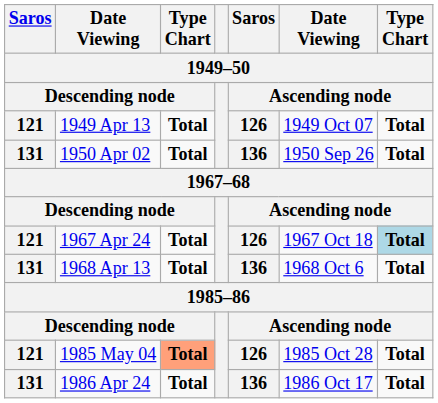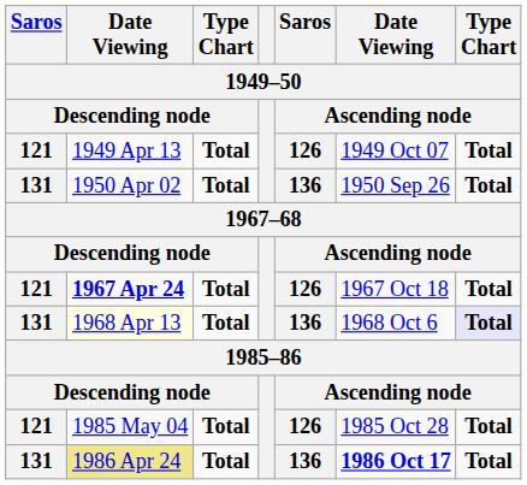 <table class=wikitable>
 <tr valign=top>
 <th><a href='#'>Saros</a></th>
 <th>Date<br>Viewing</th>
 <th>Type<br>Chart</th>
 <th></th>
 <th>Saros</th>
 <th>Date<br>Viewing</th>
 <th>Type<br>Chart</th>
 </tr>
 <tr>
 <th colspan=7>1949–50</th>
 </tr>
 <tr>
 <th colspan=3>Descending node</th>
 <th rowspan=3> </th>
 <th colspan=3>Ascending node</th>
 </tr>
 <tr>
 <th>121</th>
 <td><a href='#'>1949 Apr 13</a><br></td>
 <td align=center valign=top><strong>Total</strong><br></td>
 <th>126</th>
 <td><a href='#'>1949 Oct 07</a><br></td>
 <td align=center valign=top><strong>Total</strong><br></td>
 </tr>
 <tr>
 <th>131</th>
 <td><a href='#'>1950 Apr 02</a><br></td>
 <td align=center valign=top><strong>Total</strong><br></td>
 <th>136</th>
 <td><a href='#'>1950 Sep 26</a><br></td>
 <td align=center valign=top><strong>Total</strong><br></td>
 </tr>
 <tr>
 <th colspan=7>1967–68</th>
 </tr>
 <tr>
 <th colspan=3>Descending node</th>
 <th rowspan=3> </th>
 <th colspan=3>Ascending node</th>
 </tr>
 <tr>
 <th>121</th>
-<td><a href='#'>1967 Apr 24</a><br></td>
+<td><strong><a href='#'>1967 Apr 24</a><br></strong></td>
 <td align=center valign=top><strong>Total</strong><br></td>
 <th>126</th>
 <td><a href='#'>1967 Oct 18</a><br></td>
-<td align=center valign=top style="background: lightblue;"><strong>Total</strong><br></td>
+<td align=center valign=top><strong>Total</strong><br></td>
 </tr>
 <tr>
 <th>131</th>
-<td><a href='#'>1968 Apr 13</a><br></td>
+<td style="background: lightyellow;"><a href='#'>1968 Apr 13</a><br></td>
 <td align=center valign=top><strong>Total</strong><br></td>
 <th>136</th>
 <td><a href='#'>1968 Oct 6</a><br></td>
-<td align=center valign=top><strong>Total</strong><br></td>
+<td align=center valign=top style="background: lavender;"><strong>Total</strong><br></td>
 </tr>
 <tr>
 <th colspan=7>1985–86</th>
 </tr>
 <tr>
 <th colspan=3>Descending node</th>
 <th rowspan=3> </th>
 <th colspan=3>Ascending node</th>
 </tr>
 <tr>
 <th>121</th>
 <td><a href='#'>1985 May 04</a><br></td>
-<td align=center valign=top style="background: lightsalmon;"><strong>Total</strong><br></td>
+<td align=center valign=top><strong>Total</strong><br></td>
 <th>126</th>
 <td><a href='#'>1985 Oct 28</a><br></td>
 <td align=center valign=top><strong>Total</strong><br></td>
 </tr>
 <tr>
 <th>131</th>
-<td><a href='#'>1986 Apr 24</a><br></td>
+<td style="background: khaki;"><a href='#'>1986 Apr 24</a><br></td>
 <td align=center valign=top><strong>Total</strong><br></td>
 <th>136</th>
-<td><a href='#'>1986 Oct 17</a><br></td>
+<td><strong><a href='#'>1986 Oct 17</a><br></strong></td>
 <td align=center valign=top><strong>Total</strong><br></td>
 </tr>
 </table>
